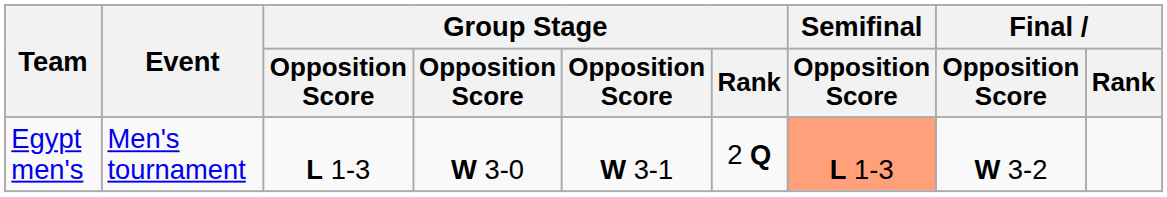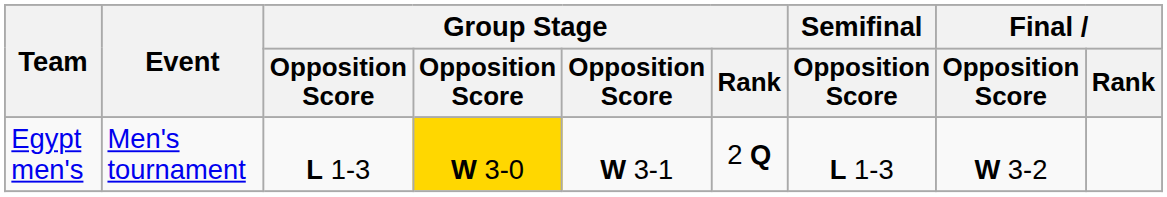 <table class="wikitable" style="font-size:90%;text-align:center">
 <tr>
 <th rowspan="2">Team</th>
 <th rowspan="2">Event</th>
 <th colspan="4">Group Stage</th>
 <th>Semifinal</th>
 <th colspan="2">Final / </th>
 </tr>
 <tr style="font-size:95%">
 <th>Opposition<br>Score</th>
 <th>Opposition<br>Score</th>
 <th>Opposition<br>Score</th>
 <th>Rank</th>
 <th>Opposition<br>Score</th>
 <th>Opposition<br>Score</th>
 <th>Rank</th>
 </tr>
 <tr>
 <td style="text-align:left"><a href='#'>Egypt men's</a></td>
 <td style="text-align:left"><a href='#'>Men's tournament</a></td>
 <td><br><strong>L</strong> 1-3</td>
-<td><br><strong>W</strong> 3-0</td>
+<td style="background: gold;"><br><strong>W</strong> 3-0</td>
 <td><br><strong>W</strong> 3-1</td>
 <td>2 <strong>Q</strong></td>
-<td style="background: lightsalmon;"><br><strong>L</strong> 1-3</td>
+<td><br><strong>L</strong> 1-3</td>
 <td><br><strong>W</strong> 3-2</td>
 <td></td>
 </tr>
 </table>
